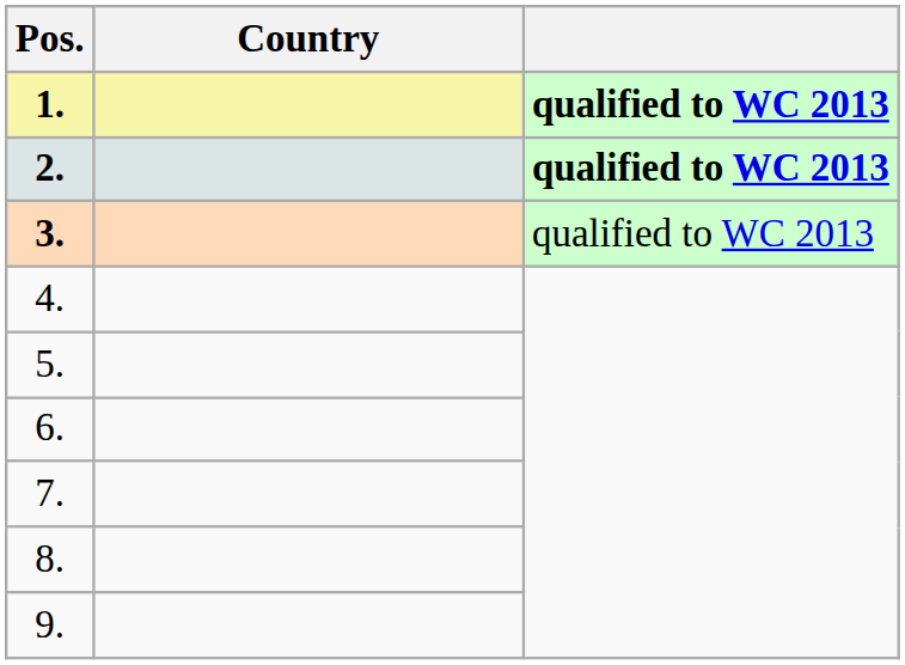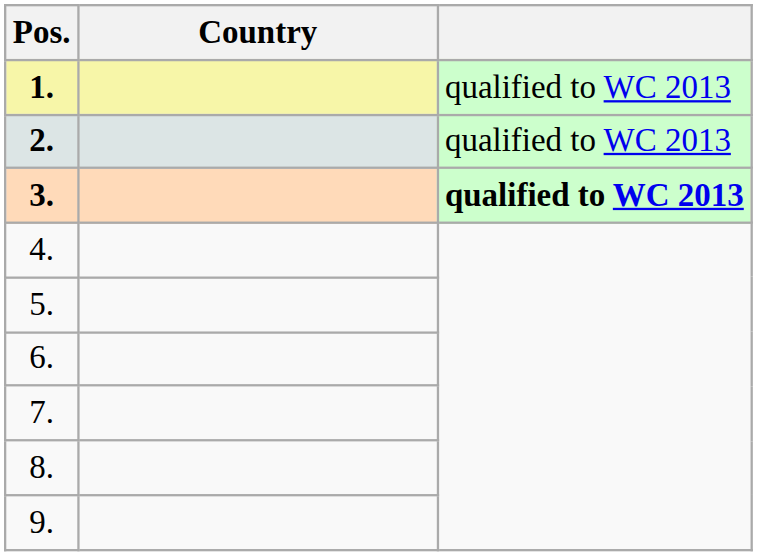 <table class="wikitable" style="border:1px solid #AAAAAA;font-size:90%">
 <tr bgcolor="#E4E4E4">
 <th style="border-bottom:1px solid #AAAAAA" width=20>Pos.</th>
 <th style="border-bottom:1px solid #AAAAAA" width=150>Country</th>
 <th></th>
 </tr>
 <tr bgcolor="#F7F6A8">
 <td align="center"><strong>1.</strong></td>
 <td></td>
-<td bgcolor=#CCFFCC><strong>qualified to <a href='#'>WC 2013</a></strong></td>
+<td bgcolor=#CCFFCC>qualified to <a href='#'>WC 2013</a></td>
 </tr>
 <tr bgcolor="#DCE5E5">
 <td align="center"><strong>2.</strong></td>
 <td></td>
-<td bgcolor=#CCFFCC><strong>qualified to <a href='#'>WC 2013</a></strong></td>
+<td bgcolor=#CCFFCC>qualified to <a href='#'>WC 2013</a></td>
 </tr>
 <tr bgcolor="#FFDAB9">
 <td align="center"><strong>3.</strong></td>
 <td></td>
-<td bgcolor=#CCFFCC>qualified to <a href='#'>WC 2013</a></td>
+<td bgcolor=#CCFFCC><strong>qualified to <a href='#'>WC 2013</a></strong></td>
 </tr>
 <tr style>
 <td align="center">4.</td>
 <td></td>
 </tr>
 <tr style>
 <td align="center">5.</td>
 <td></td>
 </tr>
 <tr style>
 <td align="center">6.</td>
 <td></td>
 </tr>
 <tr style>
 <td align="center">7.</td>
 <td></td>
 </tr>
 <tr style>
 <td align="center">8.</td>
 <td></td>
 </tr>
 <tr style>
 <td align="center">9.</td>
 <td></td>
 </tr>
 </table>
